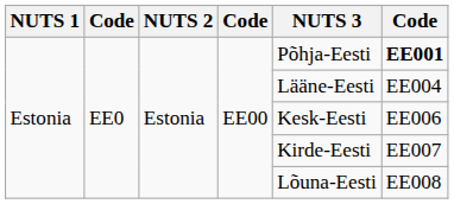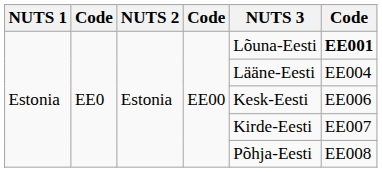 <table class="wikitable">
 <tr>
 <th>NUTS 1</th>
 <th>Code</th>
 <th>NUTS 2</th>
 <th>Code</th>
 <th>NUTS 3</th>
 <th>Code</th>
 </tr>
 <tr>
 <td rowspan="5">Estonia</td>
 <td rowspan="5">EE0</td>
 <td rowspan="5">Estonia</td>
 <td rowspan="5">EE00</td>
-<td>Põhja-Eesti</td>
+<td>Lõuna-Eesti</td>
 <td><strong>EE001</strong></td>
 </tr>
 <tr>
 <td>Lääne-Eesti</td>
 <td>EE004</td>
 </tr>
 <tr>
 <td>Kesk-Eesti</td>
 <td>EE006</td>
 </tr>
 <tr>
 <td>Kirde-Eesti</td>
 <td>EE007</td>
 </tr>
 <tr>
-<td>Lõuna-Eesti</td>
+<td>Põhja-Eesti</td>
 <td>EE008</td>
 </tr>
 </table>
